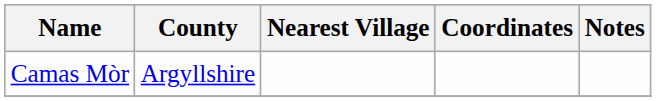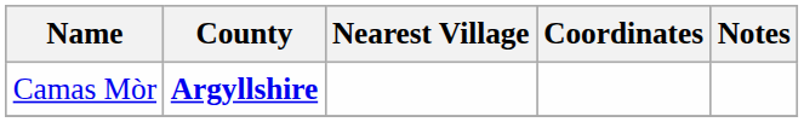 <table class="wikitable sortable" style="table-layout:fixed;background-color:#FEFEFE;font-size:95%;padding:0.30em;line-height:1.35em;">
 <tr>
 <th scope="col">Name</th>
 <th scope="col">County</th>
 <th scope="col">Nearest Village</th>
 <th scope="col" data-sort-type="number">Coordinates</th>
 <th scope="col">Notes</th>
 </tr>
 <tr>
 <td><a href='#'>Camas Mòr</a></td>
-<td><a href='#'>Argyllshire</a></td>
+<td><strong><a href='#'>Argyllshire</a></strong></td>
 <td></td>
 <td></td>
 <td></td>
 </tr>
 <tr>
 </tr>
 </table>
